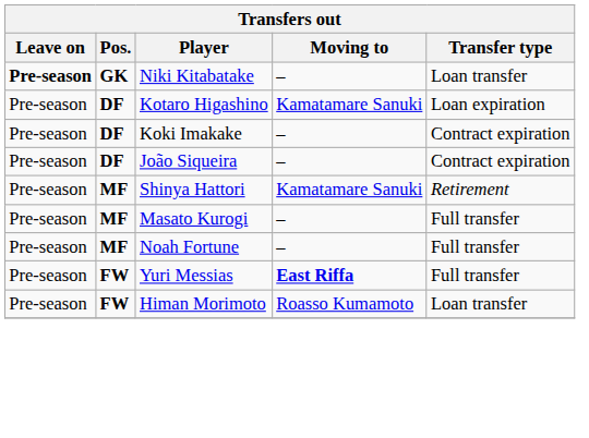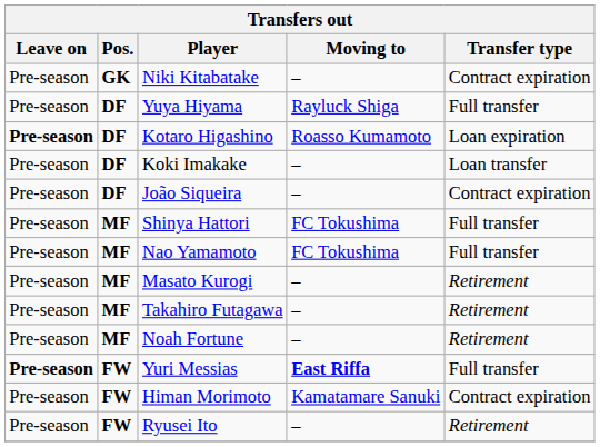 <table class="wikitable sortable" style=“text-align:left;>
 <tr>
 <th colspan="5">Transfers out</th>
 </tr>
 <tr>
 <th>Leave on</th>
 <th>Pos.</th>
 <th>Player</th>
 <th>Moving to</th>
 <th>Transfer type</th>
 </tr>
 <tr>
-<td><strong>Pre-season</strong></td>
+<td>Pre-season</td>
 <td><strong>GK</strong></td>
 <td> <a href='#'>Niki Kitabatake</a></td>
 <td>–</td>
-<td>Loan transfer</td>
+<td>Contract expiration</td>
 </tr>
 <tr>
 <td>Pre-season</td>
 <td><strong>DF</strong></td>
+<td> <a href='#'>Yuya Hiyama</a></td>
+<td> <a href='#'>Rayluck Shiga</a></td>
+<td>Full transfer</td>
+</tr>
+<tr>
+<td><strong>Pre-season</strong></td>
+<td><strong>DF</strong></td>
 <td> <a href='#'>Kotaro Higashino</a></td>
-<td> <a href='#'>Kamatamare Sanuki</a></td>
+<td> <a href='#'>Roasso Kumamoto</a></td>
 <td>Loan expiration</td>
 </tr>
 <tr>
 <td>Pre-season</td>
 <td><strong>DF</strong></td>
 <td> Koki Imakake</td>
 <td>–</td>
-<td>Contract expiration</td>
+<td>Loan transfer</td>
 </tr>
 <tr>
 <td>Pre-season</td>
 <td><strong>DF</strong></td>
 <td> <a href='#'>João Siqueira</a></td>
 <td>–</td>
 <td>Contract expiration</td>
 </tr>
 <tr>
 <td>Pre-season</td>
 <td><strong>MF</strong></td>
 <td> <a href='#'>Shinya Hattori</a></td>
-<td> <a href='#'>Kamatamare Sanuki</a></td>
-<td><em>Retirement</em></td>
+<td> <a href='#'>FC Tokushima</a></td>
+<td>Full transfer</td>
+</tr>
+<tr>
+<td>Pre-season</td>
+<td><strong>MF</strong></td>
+<td> <a href='#'>Nao Yamamoto</a></td>
+<td> <a href='#'>FC Tokushima</a></td>
+<td>Full transfer</td>
 </tr>
 <tr>
 <td>Pre-season</td>
 <td><strong>MF</strong></td>
 <td> <a href='#'>Masato Kurogi</a></td>
 <td>–</td>
-<td>Full transfer</td>
+<td><em>Retirement</em></td>
+</tr>
+<tr>
+<td>Pre-season</td>
+<td><strong>MF</strong></td>
+<td> <a href='#'>Takahiro Futagawa</a></td>
+<td>–</td>
+<td><em>Retirement</em></td>
 </tr>
 <tr>
 <td>Pre-season</td>
 <td><strong>MF</strong></td>
 <td> <a href='#'>Noah Fortune</a></td>
 <td>–</td>
-<td>Full transfer</td>
+<td><em>Retirement</em></td>
 </tr>
 <tr>
-<td>Pre-season</td>
+<td><strong>Pre-season</strong></td>
 <td><strong>FW</strong></td>
 <td> <a href='#'>Yuri Messias</a></td>
 <td><strong> <a href='#'>East Riffa</a></strong></td>
 <td>Full transfer</td>
 </tr>
 <tr>
 <td>Pre-season</td>
 <td><strong>FW</strong></td>
 <td> <a href='#'>Himan Morimoto</a></td>
-<td> <a href='#'>Roasso Kumamoto</a></td>
-<td>Loan transfer</td>
+<td> <a href='#'>Kamatamare Sanuki</a></td>
+<td>Contract expiration</td>
+</tr>
+<tr>
+<td>Pre-season</td>
+<td><strong>FW</strong></td>
+<td> <a href='#'>Ryusei Ito</a></td>
+<td>–</td>
+<td><em>Retirement</em></td>
 </tr>
 <tr>
 </tr>
 </table>
